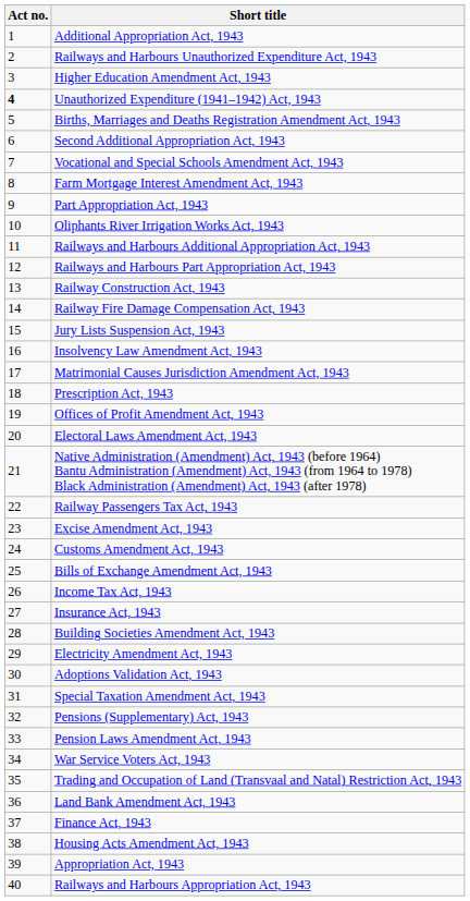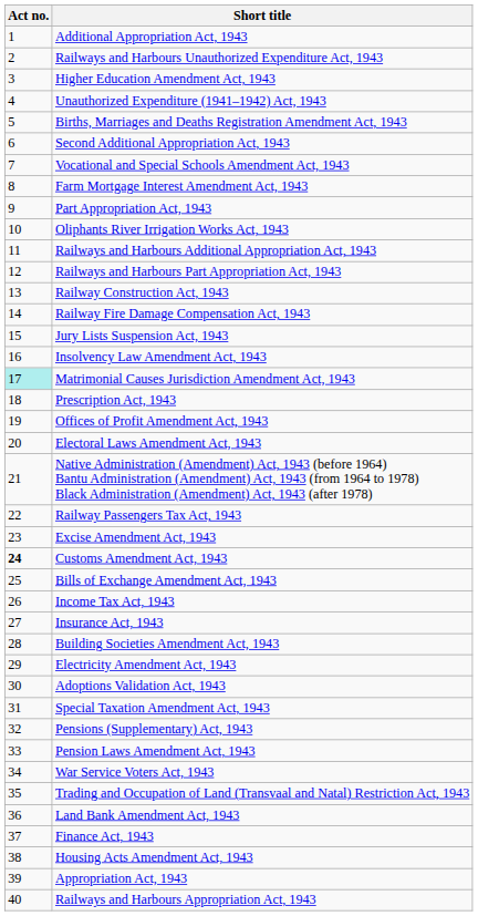 <table class="wikitable sortable">
 <tr>
 <th>Act no.</th>
 <th>Short title</th>
 </tr>
 <tr>
 <td>1</td>
 <td><a href='#'>Additional Appropriation Act, 1943</a></td>
 </tr>
 <tr>
 <td>2</td>
 <td><a href='#'>Railways and Harbours Unauthorized Expenditure Act, 1943</a></td>
 </tr>
 <tr>
 <td>3</td>
 <td><a href='#'>Higher Education Amendment Act, 1943</a></td>
 </tr>
 <tr>
-<td><strong>4</strong></td>
+<td>4</td>
 <td><a href='#'>Unauthorized Expenditure (1941–1942) Act, 1943</a></td>
 </tr>
 <tr>
 <td>5</td>
 <td><a href='#'>Births, Marriages and Deaths Registration Amendment Act, 1943</a></td>
 </tr>
 <tr>
 <td>6</td>
 <td><a href='#'>Second Additional Appropriation Act, 1943</a></td>
 </tr>
 <tr>
 <td>7</td>
 <td><a href='#'>Vocational and Special Schools Amendment Act, 1943</a></td>
 </tr>
 <tr>
 <td>8</td>
 <td><a href='#'>Farm Mortgage Interest Amendment Act, 1943</a></td>
 </tr>
 <tr>
 <td>9</td>
 <td><a href='#'>Part Appropriation Act, 1943</a></td>
 </tr>
 <tr>
 <td>10</td>
 <td><a href='#'>Oliphants River Irrigation Works Act, 1943</a></td>
 </tr>
 <tr>
 <td>11</td>
 <td><a href='#'>Railways and Harbours Additional Appropriation Act, 1943</a></td>
 </tr>
 <tr>
 <td>12</td>
 <td><a href='#'>Railways and Harbours Part Appropriation Act, 1943</a></td>
 </tr>
 <tr>
 <td>13</td>
 <td><a href='#'>Railway Construction Act, 1943</a></td>
 </tr>
 <tr>
 <td>14</td>
 <td><a href='#'>Railway Fire Damage Compensation Act, 1943</a></td>
 </tr>
 <tr>
 <td>15</td>
 <td><a href='#'>Jury Lists Suspension Act, 1943</a></td>
 </tr>
 <tr>
 <td>16</td>
 <td><a href='#'>Insolvency Law Amendment Act, 1943</a></td>
 </tr>
 <tr>
-<td>17</td>
+<td style="background: paleturquoise;">17</td>
 <td><a href='#'>Matrimonial Causes Jurisdiction Amendment Act, 1943</a></td>
 </tr>
 <tr>
 <td>18</td>
 <td><a href='#'>Prescription Act, 1943</a></td>
 </tr>
 <tr>
 <td>19</td>
 <td><a href='#'>Offices of Profit Amendment Act, 1943</a></td>
 </tr>
 <tr>
 <td>20</td>
 <td><a href='#'>Electoral Laws Amendment Act, 1943</a></td>
 </tr>
 <tr>
 <td>21</td>
 <td><a href='#'>Native Administration (Amendment) Act, 1943</a> (before 1964) <br><a href='#'>Bantu Administration (Amendment) Act, 1943</a> (from 1964 to 1978) <br><a href='#'>Black Administration (Amendment) Act, 1943</a> (after 1978)</td>
 </tr>
 <tr>
 <td>22</td>
 <td><a href='#'>Railway Passengers Tax Act, 1943</a></td>
 </tr>
 <tr>
 <td>23</td>
 <td><a href='#'>Excise Amendment Act, 1943</a></td>
 </tr>
 <tr>
-<td>24</td>
+<td><strong>24</strong></td>
 <td><a href='#'>Customs Amendment Act, 1943</a></td>
 </tr>
 <tr>
 <td>25</td>
 <td><a href='#'>Bills of Exchange Amendment Act, 1943</a></td>
 </tr>
 <tr>
 <td>26</td>
 <td><a href='#'>Income Tax Act, 1943</a></td>
 </tr>
 <tr>
 <td>27</td>
 <td><a href='#'>Insurance Act, 1943</a></td>
 </tr>
 <tr>
 <td>28</td>
 <td><a href='#'>Building Societies Amendment Act, 1943</a></td>
 </tr>
 <tr>
 <td>29</td>
 <td><a href='#'>Electricity Amendment Act, 1943</a></td>
 </tr>
 <tr>
 <td>30</td>
 <td><a href='#'>Adoptions Validation Act, 1943</a></td>
 </tr>
 <tr>
 <td>31</td>
 <td><a href='#'>Special Taxation Amendment Act, 1943</a></td>
 </tr>
 <tr>
 <td>32</td>
 <td><a href='#'>Pensions (Supplementary) Act, 1943</a></td>
 </tr>
 <tr>
 <td>33</td>
 <td><a href='#'>Pension Laws Amendment Act, 1943</a></td>
 </tr>
 <tr>
 <td>34</td>
 <td><a href='#'>War Service Voters Act, 1943</a></td>
 </tr>
 <tr>
 <td>35</td>
 <td><a href='#'>Trading and Occupation of Land (Transvaal and Natal) Restriction Act, 1943</a></td>
 </tr>
 <tr>
 <td>36</td>
 <td><a href='#'>Land Bank Amendment Act, 1943</a></td>
 </tr>
 <tr>
 <td>37</td>
 <td><a href='#'>Finance Act, 1943</a></td>
 </tr>
 <tr>
 <td>38</td>
 <td><a href='#'>Housing Acts Amendment Act, 1943</a></td>
 </tr>
 <tr>
 <td>39</td>
 <td><a href='#'>Appropriation Act, 1943</a></td>
 </tr>
 <tr>
 <td>40</td>
 <td><a href='#'>Railways and Harbours Appropriation Act, 1943</a></td>
 </tr>
 </table>
